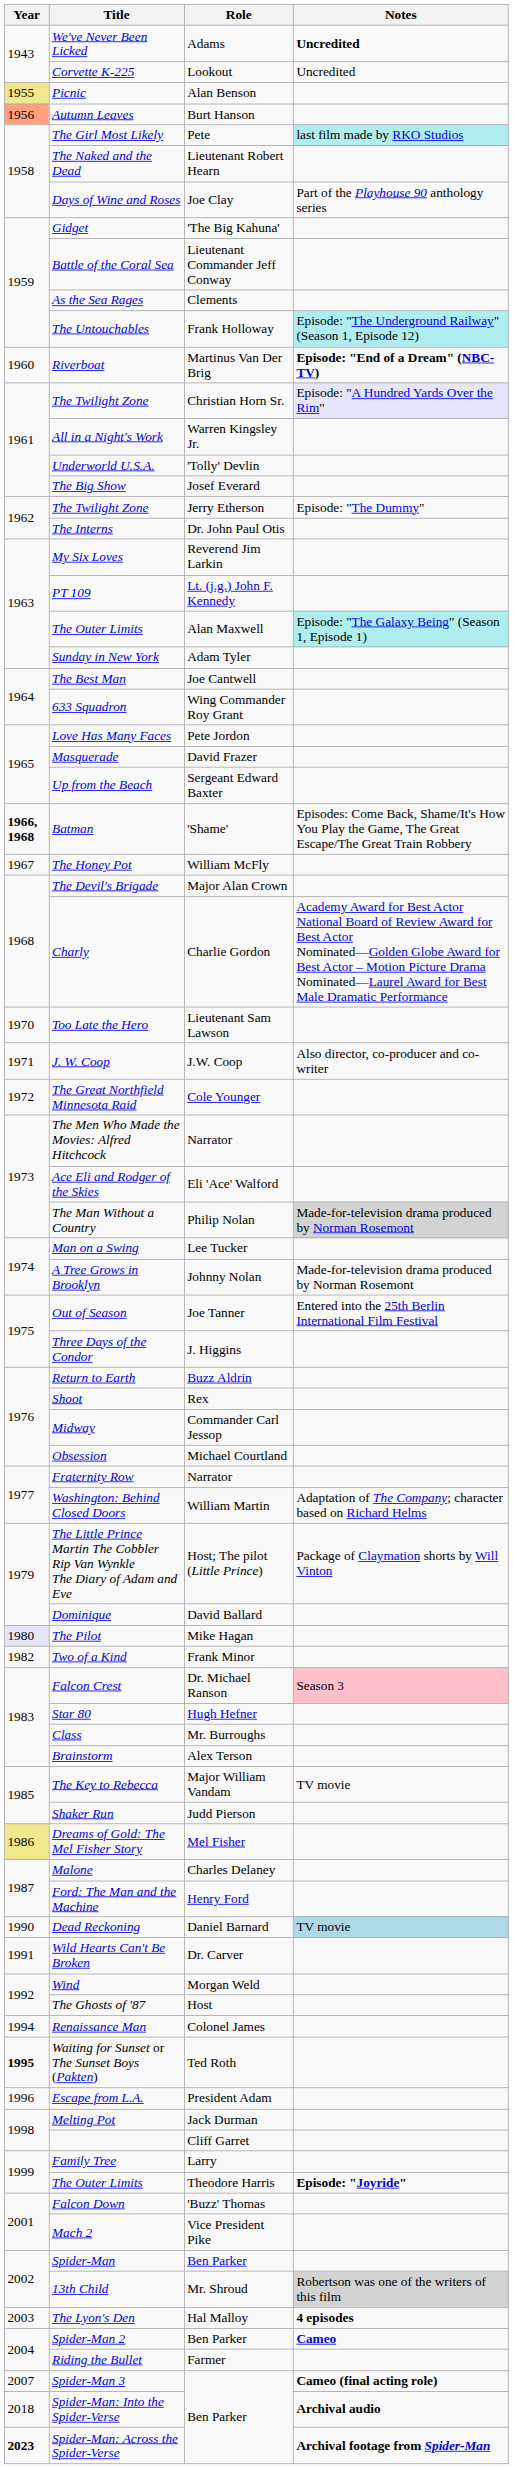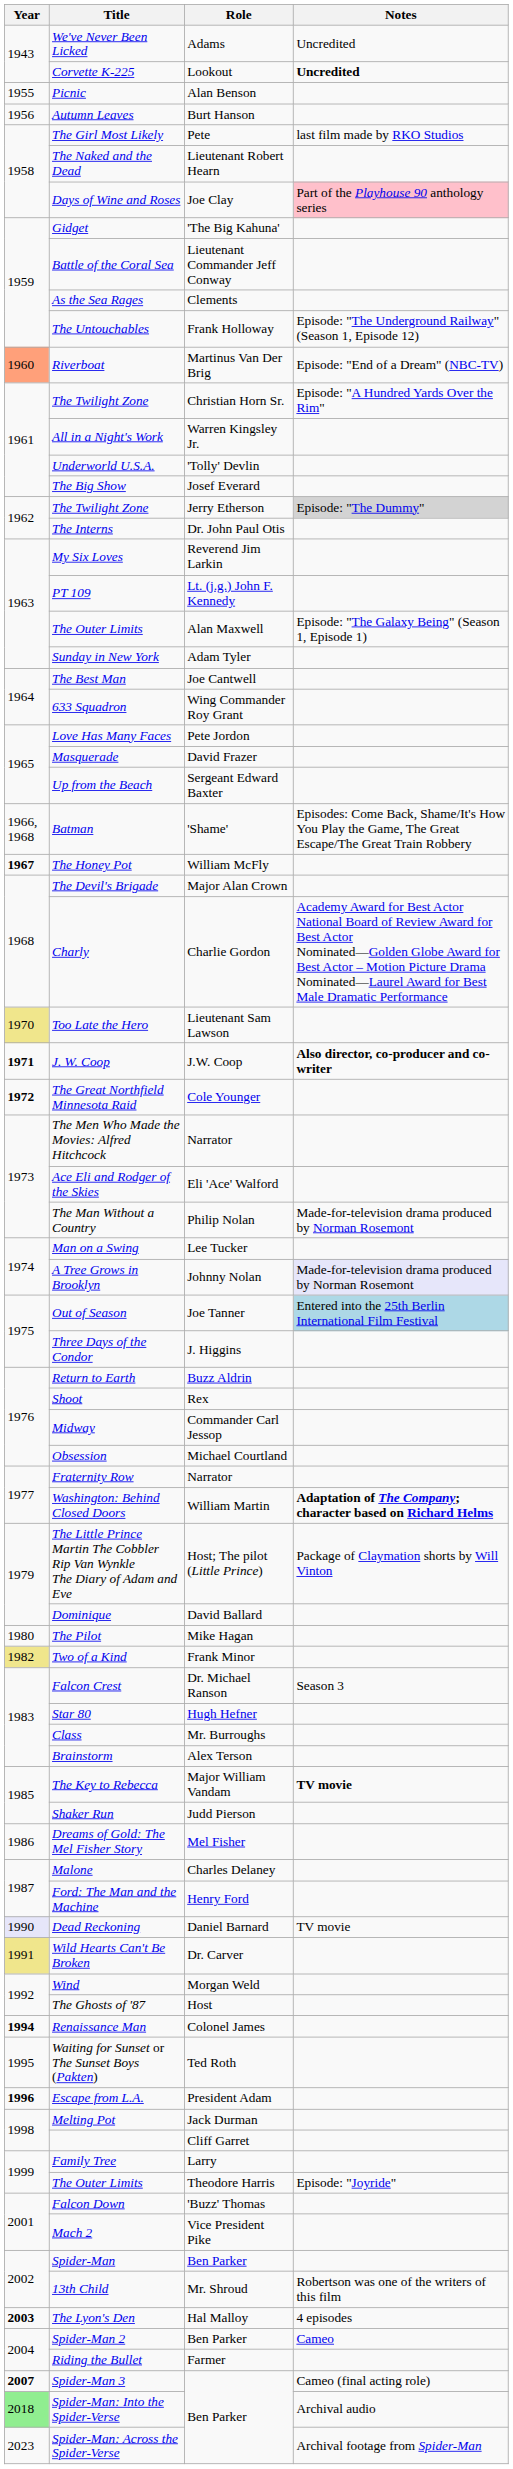 <table class=wikitable>
 <tr>
 <th>Year</th>
 <th>Title</th>
 <th>Role</th>
 <th>Notes</th>
 </tr>
 <tr>
 <td rowspan=2>1943</td>
 <td><em><a href='#'>We've Never Been Licked</a></em></td>
 <td>Adams</td>
-<td><strong>Uncredited</strong></td>
+<td>Uncredited</td>
 </tr>
 <tr>
 <td><em><a href='#'>Corvette K-225</a></em></td>
 <td>Lookout</td>
-<td>Uncredited</td>
+<td><strong>Uncredited</strong></td>
 </tr>
 <tr>
-<td style="background: khaki;">1955</td>
+<td>1955</td>
 <td><em><a href='#'>Picnic</a></em></td>
 <td>Alan Benson</td>
 <td></td>
 </tr>
 <tr>
-<td style="background: lightsalmon;">1956</td>
+<td>1956</td>
 <td><em><a href='#'>Autumn Leaves</a></em></td>
 <td>Burt Hanson</td>
 <td></td>
 </tr>
 <tr>
 <td rowspan=3>1958</td>
 <td><em><a href='#'>The Girl Most Likely</a></em></td>
 <td>Pete</td>
-<td style="background: paleturquoise;">last film made by <a href='#'>RKO Studios</a></td>
+<td>last film made by <a href='#'>RKO Studios</a></td>
 </tr>
 <tr>
 <td><em><a href='#'>The Naked and the Dead</a></em></td>
 <td>Lieutenant Robert Hearn</td>
 <td></td>
 </tr>
 <tr>
 <td><em><a href='#'>Days of Wine and Roses</a></em></td>
 <td>Joe Clay</td>
-<td>Part of the <em><a href='#'>Playhouse 90</a></em> anthology series</td>
+<td style="background: pink;">Part of the <em><a href='#'>Playhouse 90</a></em> anthology series</td>
 </tr>
 <tr>
 <td rowspan=4>1959</td>
 <td><em><a href='#'>Gidget</a></em></td>
 <td>'The Big Kahuna'</td>
 <td></td>
 </tr>
 <tr>
 <td><em><a href='#'>Battle of the Coral Sea</a></em></td>
 <td>Lieutenant Commander Jeff Conway</td>
 <td></td>
 </tr>
 <tr>
 <td><em><a href='#'>As the Sea Rages</a></em></td>
 <td>Clements</td>
 <td></td>
 </tr>
 <tr>
 <td><em><a href='#'>The Untouchables</a></em></td>
 <td>Frank Holloway</td>
-<td style="background: paleturquoise;">Episode: "<a href='#'>The Underground Railway</a>" (Season 1, Episode 12)</td>
+<td>Episode: "<a href='#'>The Underground Railway</a>" (Season 1, Episode 12)</td>
 </tr>
 <tr>
-<td>1960</td>
+<td style="background: lightsalmon;">1960</td>
 <td><em><a href='#'>Riverboat</a></em></td>
 <td>Martinus Van Der Brig</td>
-<td><strong>Episode: "End of a Dream" (<a href='#'>NBC-TV</a>)</strong></td>
+<td>Episode: "End of a Dream" (<a href='#'>NBC-TV</a>)</td>
 </tr>
 <tr>
 <td rowspan=4>1961</td>
 <td><em><a href='#'>The Twilight Zone</a></em></td>
 <td>Christian Horn Sr.</td>
-<td style="background: lavender;">Episode: "<a href='#'>A Hundred Yards Over the Rim</a>"</td>
+<td>Episode: "<a href='#'>A Hundred Yards Over the Rim</a>"</td>
 </tr>
 <tr>
 <td><em><a href='#'>All in a Night's Work</a></em></td>
 <td>Warren Kingsley Jr.</td>
 <td></td>
 </tr>
 <tr>
 <td><em><a href='#'>Underworld U.S.A.</a></em></td>
 <td>'Tolly' Devlin</td>
 <td></td>
 </tr>
 <tr>
 <td><em><a href='#'>The Big Show</a></em></td>
 <td>Josef Everard</td>
 <td></td>
 </tr>
 <tr>
 <td rowspan=2>1962</td>
 <td><em><a href='#'>The Twilight Zone</a></em></td>
 <td>Jerry Etherson</td>
-<td>Episode: "<a href='#'>The Dummy</a>"</td>
+<td style="background: lightgrey;">Episode: "<a href='#'>The Dummy</a>"</td>
 </tr>
 <tr>
 <td><em><a href='#'>The Interns</a></em></td>
 <td>Dr. John Paul Otis</td>
 <td></td>
 </tr>
 <tr>
 <td rowspan=4>1963</td>
 <td><em><a href='#'>My Six Loves</a></em></td>
 <td>Reverend Jim Larkin</td>
 <td></td>
 </tr>
 <tr>
 <td><em><a href='#'>PT 109</a></em></td>
 <td><a href='#'>Lt. (j.g.) John F. Kennedy</a></td>
 <td></td>
 </tr>
 <tr>
 <td><em><a href='#'>The Outer Limits</a></em></td>
 <td>Alan Maxwell</td>
-<td style="background: paleturquoise;">Episode: "<a href='#'>The Galaxy Being</a>" (Season 1, Episode 1)</td>
+<td>Episode: "<a href='#'>The Galaxy Being</a>" (Season 1, Episode 1)</td>
 </tr>
 <tr>
 <td><em><a href='#'>Sunday in New York</a></em></td>
 <td>Adam Tyler</td>
 <td></td>
 </tr>
 <tr>
 <td rowspan=2>1964</td>
 <td><em><a href='#'>The Best Man</a></em></td>
 <td>Joe Cantwell</td>
 <td></td>
 </tr>
 <tr>
 <td><em><a href='#'>633 Squadron</a></em></td>
 <td>Wing Commander Roy Grant</td>
 <td></td>
 </tr>
 <tr>
 <td rowspan=3>1965</td>
 <td><em><a href='#'>Love Has Many Faces</a></em></td>
 <td>Pete Jordon</td>
 <td></td>
 </tr>
 <tr>
 <td><em><a href='#'>Masquerade</a></em></td>
 <td>David Frazer</td>
 <td></td>
 </tr>
 <tr>
 <td><em><a href='#'>Up from the Beach</a></em></td>
 <td>Sergeant Edward Baxter</td>
 <td></td>
 </tr>
 <tr>
-<td><strong>1966, 1968</strong></td>
+<td>1966, 1968</td>
 <td><em><a href='#'>Batman</a></em></td>
 <td>'Shame'</td>
 <td>Episodes: Come Back, Shame/It's How You Play the Game, The Great Escape/The Great Train Robbery</td>
 </tr>
 <tr>
-<td>1967</td>
+<td><strong>1967</strong></td>
 <td><em><a href='#'>The Honey Pot</a></em></td>
 <td>William McFly</td>
 <td></td>
 </tr>
 <tr>
 <td rowspan=2>1968</td>
 <td><em><a href='#'>The Devil's Brigade</a></em></td>
 <td>Major Alan Crown</td>
 <td></td>
 </tr>
 <tr>
 <td><em><a href='#'>Charly</a></em></td>
 <td>Charlie Gordon</td>
 <td><a href='#'>Academy Award for Best Actor</a><br><a href='#'>National Board of Review Award for Best Actor</a><br>Nominated—<a href='#'>Golden Globe Award for Best Actor – Motion Picture Drama</a><br>Nominated—<a href='#'>Laurel Award for Best Male Dramatic Performance</a></td>
 </tr>
 <tr>
-<td>1970</td>
+<td style="background: khaki;">1970</td>
 <td><em><a href='#'>Too Late the Hero</a></em></td>
 <td>Lieutenant Sam Lawson</td>
 <td></td>
 </tr>
 <tr>
-<td>1971</td>
+<td><strong>1971</strong></td>
 <td><em><a href='#'>J. W. Coop</a></em></td>
 <td>J.W. Coop</td>
-<td>Also director, co-producer and co-writer</td>
+<td><strong>Also director, co-producer and co-writer</strong></td>
 </tr>
 <tr>
-<td>1972</td>
+<td><strong>1972</strong></td>
 <td><em><a href='#'>The Great Northfield Minnesota Raid</a></em></td>
 <td><a href='#'>Cole Younger</a></td>
 <td></td>
 </tr>
 <tr>
 <td rowspan="3">1973</td>
 <td><em>The Men Who Made the Movies: Alfred Hitchcock</em></td>
 <td>Narrator</td>
 <td></td>
 </tr>
 <tr>
 <td><em><a href='#'>Ace Eli and Rodger of the Skies</a></em></td>
 <td>Eli 'Ace' Walford</td>
 <td></td>
 </tr>
 <tr>
 <td><em>The Man Without a Country</em></td>
 <td>Philip Nolan</td>
-<td style="background: lightgrey;">Made-for-television drama produced by <a href='#'>Norman Rosemont</a></td>
+<td>Made-for-television drama produced by <a href='#'>Norman Rosemont</a></td>
 </tr>
 <tr>
 <td rowspan=2>1974</td>
 <td><em><a href='#'>Man on a Swing</a></em></td>
 <td>Lee Tucker</td>
 <td></td>
 </tr>
 <tr>
 <td><em><a href='#'>A Tree Grows in Brooklyn</a></em></td>
 <td>Johnny Nolan</td>
-<td>Made-for-television drama produced by Norman Rosemont</td>
+<td style="background: lavender;">Made-for-television drama produced by Norman Rosemont</td>
 </tr>
 <tr>
 <td rowspan=2>1975</td>
 <td><em><a href='#'>Out of Season</a></em></td>
 <td>Joe Tanner</td>
-<td>Entered into the <a href='#'>25th Berlin International Film Festival</a></td>
+<td style="background: lightblue;">Entered into the <a href='#'>25th Berlin International Film Festival</a></td>
 </tr>
 <tr>
 <td><em><a href='#'>Three Days of the Condor</a></em></td>
 <td>J. Higgins</td>
 <td></td>
 </tr>
 <tr>
 <td rowspan=4>1976</td>
 <td><em><a href='#'>Return to Earth</a></em></td>
 <td><a href='#'>Buzz Aldrin</a></td>
 <td></td>
 </tr>
 <tr>
 <td><em><a href='#'>Shoot</a></em></td>
 <td>Rex</td>
 <td></td>
 </tr>
 <tr>
 <td><em><a href='#'>Midway</a></em></td>
 <td>Commander Carl Jessop</td>
 <td></td>
 </tr>
 <tr>
 <td><em><a href='#'>Obsession</a></em></td>
 <td>Michael Courtland</td>
 <td></td>
 </tr>
 <tr>
 <td rowspan=2>1977</td>
 <td><em><a href='#'>Fraternity Row</a></em></td>
 <td>Narrator</td>
 <td></td>
 </tr>
 <tr>
 <td><em><a href='#'>Washington: Behind Closed Doors</a></em></td>
 <td>William Martin</td>
-<td>Adaptation of <em><a href='#'>The Company</a></em>; character based on <a href='#'>Richard Helms</a></td>
+<td><strong>Adaptation of <em><a href='#'>The Company</a></em>; character based on <a href='#'>Richard Helms</a></strong></td>
 </tr>
 <tr>
 <td rowspan=2>1979</td>
 <td><em><a href='#'>The Little Prince</a></em><br><em>Martin The Cobbler</em><br><em>Rip Van Wynkle</em><br><em>The Diary of Adam and Eve</em></td>
 <td>Host; The pilot (<em>Little Prince</em>)</td>
 <td>Package of <a href='#'>Claymation</a> shorts by <a href='#'>Will Vinton</a></td>
 </tr>
 <tr>
 <td><em><a href='#'>Dominique</a></em></td>
 <td>David Ballard</td>
 <td></td>
 </tr>
 <tr>
-<td style="background: lavender;">1980</td>
+<td>1980</td>
 <td><em><a href='#'>The Pilot</a></em></td>
 <td>Mike Hagan</td>
 <td></td>
 </tr>
 <tr>
-<td>1982</td>
+<td style="background: khaki;">1982</td>
 <td><em><a href='#'>Two of a Kind</a></em></td>
 <td>Frank Minor</td>
 <td></td>
 </tr>
 <tr>
 <td rowspan=4>1983</td>
 <td><em><a href='#'>Falcon Crest</a></em></td>
 <td>Dr. Michael Ranson</td>
-<td style="background: pink;">Season 3</td>
+<td>Season 3</td>
 </tr>
 <tr>
 <td><em><a href='#'>Star 80</a></em></td>
 <td><a href='#'>Hugh Hefner</a></td>
 <td></td>
 </tr>
 <tr>
 <td><em><a href='#'>Class</a></em></td>
 <td>Mr. Burroughs</td>
 <td></td>
 </tr>
 <tr>
 <td><em><a href='#'>Brainstorm</a></em></td>
 <td>Alex Terson</td>
 <td></td>
 </tr>
 <tr>
 <td rowspan=2>1985</td>
 <td><em><a href='#'>The Key to Rebecca</a></em></td>
 <td>Major William Vandam</td>
-<td>TV movie</td>
+<td><strong>TV movie</strong></td>
 </tr>
 <tr>
 <td><em><a href='#'>Shaker Run</a></em></td>
 <td>Judd Pierson</td>
 <td></td>
 </tr>
 <tr>
-<td style="background: khaki;">1986</td>
+<td>1986</td>
 <td><em><a href='#'>Dreams of Gold: The Mel Fisher Story</a></em></td>
 <td><a href='#'>Mel Fisher</a></td>
 <td></td>
 </tr>
 <tr>
 <td rowspan=2>1987</td>
 <td><em><a href='#'>Malone</a></em></td>
 <td>Charles Delaney</td>
 <td></td>
 </tr>
 <tr>
 <td><em><a href='#'>Ford: The Man and the Machine</a></em></td>
 <td><a href='#'>Henry Ford</a></td>
 <td></td>
 </tr>
 <tr>
-<td>1990</td>
+<td style="background: lavender;">1990</td>
 <td><em><a href='#'>Dead Reckoning</a></em></td>
 <td>Daniel Barnard</td>
-<td style="background: lightblue;">TV movie</td>
+<td>TV movie</td>
 </tr>
 <tr>
-<td>1991</td>
+<td style="background: khaki;">1991</td>
 <td><em><a href='#'>Wild Hearts Can't Be Broken</a></em></td>
 <td>Dr. Carver</td>
 <td></td>
 </tr>
 <tr>
 <td rowspan=2>1992</td>
 <td><em><a href='#'>Wind</a></em></td>
 <td>Morgan Weld</td>
 <td></td>
 </tr>
 <tr>
 <td><em>The Ghosts of '87</em></td>
 <td>Host</td>
 <td></td>
 </tr>
 <tr>
-<td>1994</td>
+<td><strong>1994</strong></td>
 <td><em><a href='#'>Renaissance Man</a></em></td>
 <td>Colonel James</td>
 <td></td>
 </tr>
 <tr>
-<td><strong>1995</strong></td>
+<td>1995</td>
 <td><em>Waiting for Sunset</em> or <em>The Sunset Boys</em> (<em><a href='#'>Pakten</a></em>)</td>
 <td>Ted Roth</td>
 <td></td>
 </tr>
 <tr>
-<td>1996</td>
+<td><strong>1996</strong></td>
 <td><em><a href='#'>Escape from L.A.</a></em></td>
 <td>President Adam</td>
 <td></td>
 </tr>
 <tr>
 <td rowspan=2>1998</td>
 <td><em><a href='#'>Melting Pot</a></em></td>
 <td>Jack Durman</td>
 <td></td>
 </tr>
 <tr>
 <td><em></em></td>
 <td>Cliff Garret</td>
 <td></td>
 </tr>
 <tr>
 <td rowspan="2">1999</td>
 <td><em><a href='#'>Family Tree</a></em></td>
 <td>Larry</td>
 <td></td>
 </tr>
 <tr>
 <td><em><a href='#'>The Outer Limits</a></em></td>
 <td>Theodore Harris</td>
-<td><strong>Episode: "<a href='#'>Joyride</a>"</strong></td>
+<td>Episode: "<a href='#'>Joyride</a>"</td>
 </tr>
 <tr>
 <td rowspan=2>2001</td>
 <td><em><a href='#'>Falcon Down</a></em></td>
 <td>'Buzz' Thomas</td>
 <td></td>
 </tr>
 <tr>
 <td><em><a href='#'>Mach 2</a></em></td>
 <td>Vice President Pike</td>
 <td></td>
 </tr>
 <tr>
 <td rowspan=2>2002</td>
 <td><em><a href='#'>Spider-Man</a></em></td>
 <td><a href='#'>Ben Parker</a></td>
 <td></td>
 </tr>
 <tr>
 <td><em><a href='#'>13th Child</a></em></td>
 <td>Mr. Shroud</td>
-<td style="background: lightgrey;">Robertson was one of the writers of this film</td>
+<td>Robertson was one of the writers of this film</td>
 </tr>
 <tr>
-<td>2003</td>
+<td><strong>2003</strong></td>
 <td><em><a href='#'>The Lyon's Den</a></em></td>
 <td>Hal Malloy</td>
-<td><strong>4 episodes</strong></td>
+<td>4 episodes</td>
 </tr>
 <tr>
 <td rowspan=2>2004</td>
 <td><em><a href='#'>Spider-Man 2</a></em></td>
 <td>Ben Parker</td>
-<td><strong><a href='#'>Cameo</a></strong></td>
+<td><a href='#'>Cameo</a></td>
 </tr>
 <tr>
 <td><em><a href='#'>Riding the Bullet</a></em></td>
 <td>Farmer</td>
 <td></td>
 </tr>
 <tr>
-<td>2007</td>
+<td><strong>2007</strong></td>
 <td><em><a href='#'>Spider-Man 3</a></em></td>
 <td rowspan=3>Ben Parker</td>
-<td><strong>Cameo (final acting role)</strong></td>
+<td>Cameo (final acting role)</td>
 </tr>
 <tr>
-<td>2018</td>
+<td style="background: lightgreen;">2018</td>
 <td><em><a href='#'>Spider-Man: Into the Spider-Verse</a></em></td>
-<td><strong>Archival audio</strong></td>
+<td>Archival audio</td>
 </tr>
 <tr>
-<td><strong>2023</strong></td>
+<td>2023</td>
 <td><em><a href='#'>Spider-Man: Across the Spider-Verse</a></em></td>
-<td><strong>Archival footage from <em><a href='#'>Spider-Man</a></em></strong></td>
+<td>Archival footage from <em><a href='#'>Spider-Man</a></em></td>
 </tr>
 </table>
